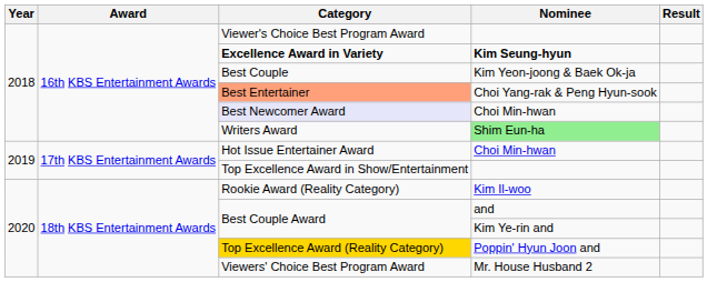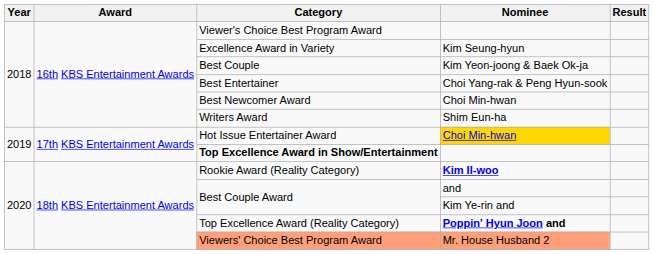 <table class="wikitable">
 <tr>
 <th>Year</th>
 <th>Award</th>
 <th>Category</th>
 <th>Nominee</th>
 <th>Result</th>
 </tr>
 <tr>
 <td rowspan=6>2018</td>
 <td rowspan=6><a href='#'>16th</a> <a href='#'>KBS Entertainment Awards</a></td>
 <td>Viewer's Choice Best Program Award</td>
 <td></td>
 <td></td>
 </tr>
 <tr>
-<td><strong>Excellence Award in Variety</strong></td>
-<td><strong>Kim Seung-hyun</strong></td>
+<td>Excellence Award in Variety</td>
+<td>Kim Seung-hyun</td>
 <td></td>
 </tr>
 <tr>
 <td>Best Couple</td>
 <td>Kim Yeon-joong & Baek Ok-ja</td>
 <td></td>
 </tr>
 <tr>
-<td style="background: lightsalmon;">Best Entertainer</td>
+<td>Best Entertainer</td>
 <td>Choi Yang-rak & Peng Hyun-sook</td>
 <td></td>
 </tr>
 <tr>
-<td style="background: lavender;">Best Newcomer Award</td>
+<td>Best Newcomer Award</td>
 <td>Choi Min-hwan</td>
 <td></td>
 </tr>
 <tr>
 <td>Writers Award</td>
-<td style="background: lightgreen;">Shim Eun-ha</td>
+<td>Shim Eun-ha</td>
 <td></td>
 </tr>
 <tr>
 <td rowspan="2">2019</td>
 <td rowspan="2"><a href='#'>17th</a> <a href='#'>KBS Entertainment Awards</a></td>
 <td>Hot Issue Entertainer Award</td>
-<td><a href='#'>Choi Min-hwan</a></td>
+<td style="background: gold;"><a href='#'>Choi Min-hwan</a></td>
 <td></td>
 </tr>
 <tr>
-<td>Top Excellence Award in Show/Entertainment</td>
+<td><strong>Top Excellence Award in Show/Entertainment</strong></td>
 <td></td>
 <td></td>
 </tr>
 <tr>
 <td rowspan="5">2020</td>
 <td rowspan="5"><a href='#'>18th</a> <a href='#'>KBS Entertainment Awards</a></td>
 <td>Rookie Award (Reality Category)</td>
-<td><a href='#'>Kim Il-woo</a></td>
+<td><strong><a href='#'>Kim Il-woo</a></strong></td>
 <td></td>
 </tr>
 <tr>
 <td rowspan=2>Best Couple Award</td>
 <td> and </td>
 <td></td>
 </tr>
 <tr>
 <td>Kim Ye-rin and </td>
 <td></td>
 </tr>
 <tr>
-<td style="background: gold;">Top Excellence Award (Reality Category)</td>
-<td><a href='#'>Poppin' Hyun Joon</a> and </td>
+<td>Top Excellence Award (Reality Category)</td>
+<td><strong><a href='#'>Poppin' Hyun Joon</a> and </strong></td>
 <td></td>
 </tr>
 <tr>
-<td>Viewers' Choice Best Program Award</td>
-<td>Mr. House Husband 2</td>
+<td style="background: lightsalmon;">Viewers' Choice Best Program Award</td>
+<td style="background: lightsalmon;">Mr. House Husband 2</td>
 <td></td>
 </tr>
 </table>
